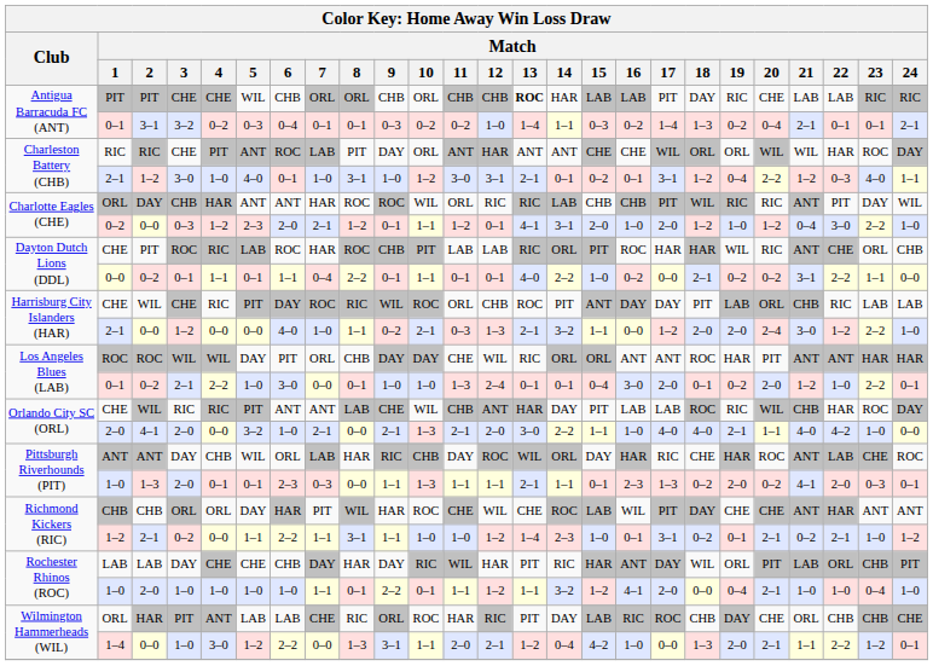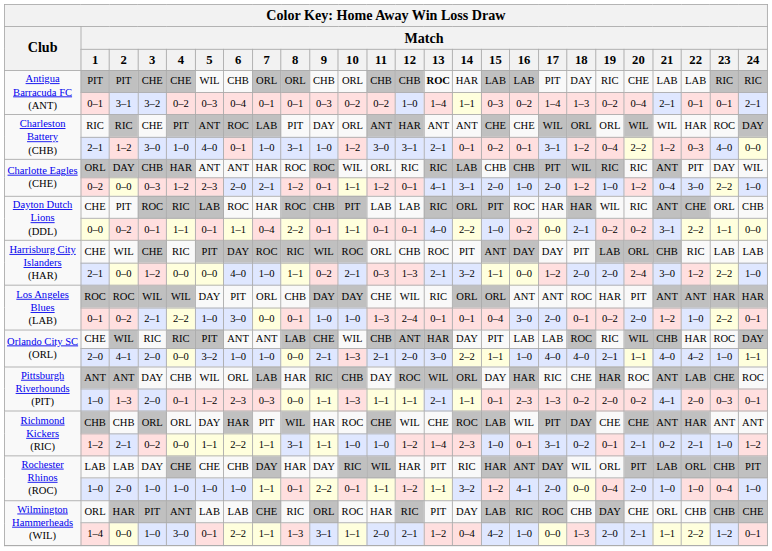 <table class="wikitable" style="text-align:center;width=100%">
 <tr>
 <th colspan="30">Color Key: <span>Home</span>  <span>Away</span>  <span>Win</span>  <span>Loss</span>  <span>Draw</span> </th>
 </tr>
 <tr>
 <th width="10%" rowspan="2">Club</th>
 <th width="90%" colspan="24">Match</th>
 </tr>
 <tr style="background-color:#CCCCCC; font-size: 90%">
 <th width="3.75%">1</th>
 <th width="3.75%">2</th>
 <th width="3.75%">3</th>
 <th width="3.75%">4</th>
 <th width="3.75%">5</th>
 <th width="3.75%">6</th>
 <th width="3.75%">7</th>
 <th width="3.75%">8</th>
 <th width="3.75%">9</th>
 <th width="3.75%">10</th>
 <th width="3.75%">11</th>
 <th width="3.75%">12</th>
 <th width="3.75%">13</th>
 <th width="3.75%">14</th>
 <th width="3.75%">15</th>
 <th width="3.75%">16</th>
 <th width="3.75%">17</th>
 <th width="3.75%">18</th>
 <th width="3.75%">19</th>
 <th width="3.75%">20</th>
 <th width="3.75%">21</th>
 <th width="3.75%">22</th>
 <th width="3.75%">23</th>
 <th width="3.75%">24<br></th>
 </tr>
 <tr style="font-size: 75%">
 <td rowspan="2"><a href='#'>Antigua Barracuda FC</a><br>(ANT)</td>
 <td bgcolor=#C0C0C0>PIT</td>
 <td bgcolor=#C0C0C0>PIT</td>
 <td bgcolor=#C0C0C0>CHE</td>
 <td bgcolor=#C0C0C0>CHE</td>
 <td>WIL</td>
 <td>CHB</td>
 <td bgcolor=#C0C0C0>ORL</td>
 <td bgcolor=#C0C0C0>ORL</td>
 <td>CHB</td>
 <td>ORL</td>
 <td bgcolor=#C0C0C0>CHB</td>
 <td bgcolor=#C0C0C0>CHB</td>
 <td><strong>ROC</strong></td>
 <td>HAR</td>
 <td bgcolor=#C0C0C0>LAB</td>
 <td bgcolor=#C0C0C0>LAB</td>
 <td>PIT</td>
 <td>DAY</td>
 <td>RIC</td>
 <td>CHE</td>
 <td>LAB</td>
 <td>LAB</td>
 <td bgcolor=#C0C0C0>RIC</td>
 <td bgcolor=#C0C0C0>RIC</td>
 </tr>
 <tr style="font-size: 75%">
 <td bgcolor=#FFDFDF>0–1</td>
 <td bgcolor=#DFE7FF>3–1</td>
 <td bgcolor=#DFE7FF>3–2</td>
 <td bgcolor=#FFDFDF>0–2</td>
 <td bgcolor=#FFDFDF>0–3</td>
 <td bgcolor=#FFDFDF>0–4</td>
 <td bgcolor=#FFDFDF>0–1</td>
 <td bgcolor=#FFDFDF>0–1</td>
 <td bgcolor=#FFDFDF>0–3</td>
 <td bgcolor=#FFDFDF>0–2</td>
 <td bgcolor=#FFDFDF>0–2</td>
 <td bgcolor=#DFE7FF>1–0</td>
 <td bgcolor=#FFDFDF>1–4</td>
 <td bgcolor=#FFFFDD>1–1</td>
 <td bgcolor=#FFDFDF>0–3</td>
 <td bgcolor=#FFDFDF>0–2</td>
 <td bgcolor=#FFDFDF>1–4</td>
 <td bgcolor=#FFDFDF>1–3</td>
 <td bgcolor=#FFDFDF>0–2</td>
 <td bgcolor=#FFDFDF>0–4</td>
 <td bgcolor=#DFE7FF>2–1</td>
 <td bgcolor=#FFDFDF>0–1</td>
 <td bgcolor=#FFDFDF>0–1</td>
 <td bgcolor=#DFE7FF>2–1</td>
 </tr>
 <tr style="font-size: 75%">
 <td rowspan="2"><a href='#'>Charleston Battery</a><br>(CHB)</td>
 <td>RIC</td>
 <td bgcolor=#C0C0C0>RIC</td>
 <td>CHE</td>
 <td bgcolor=#C0C0C0>PIT</td>
 <td bgcolor=#C0C0C0>ANT</td>
 <td bgcolor=#C0C0C0>ROC</td>
 <td bgcolor=#C0C0C0>LAB</td>
 <td>PIT</td>
 <td>DAY</td>
 <td>ORL</td>
 <td bgcolor=#C0C0C0>ANT</td>
 <td bgcolor=#C0C0C0>HAR</td>
 <td>ANT</td>
 <td>ANT</td>
 <td bgcolor=#C0C0C0>CHE</td>
 <td>CHE</td>
 <td bgcolor=#C0C0C0>WIL</td>
 <td bgcolor=#C0C0C0>ORL</td>
 <td>ORL</td>
 <td bgcolor=#C0C0C0>WIL</td>
 <td>WIL</td>
 <td>HAR</td>
 <td>ROC</td>
 <td bgcolor=#C0C0C0>DAY</td>
 </tr>
 <tr style="font-size: 75%">
 <td bgcolor=#DFE7FF>2–1</td>
 <td bgcolor=#FFDFDF>1–2</td>
 <td bgcolor=#DFE7FF>3–0</td>
 <td bgcolor=#DFE7FF>1–0</td>
 <td bgcolor=#DFE7FF>4–0</td>
 <td bgcolor=#FFDFDF>0–1</td>
 <td bgcolor=#DFE7FF>1–0</td>
 <td bgcolor=#DFE7FF>3–1</td>
 <td bgcolor=#DFE7FF>1–0</td>
 <td bgcolor=#FFDFDF>1–2</td>
 <td bgcolor=#DFE7FF>3–0</td>
 <td bgcolor=#DFE7FF>3–1</td>
 <td bgcolor=#DFE7FF>2–1</td>
 <td bgcolor=#FFDFDF>0–1</td>
 <td bgcolor=#FFDFDF>0–2</td>
 <td bgcolor=#FFDFDF>0–1</td>
 <td bgcolor=#DFE7FF>3–1</td>
 <td bgcolor=#FFDFDF>1–2</td>
 <td bgcolor=#FFDFDF>0–4</td>
 <td bgcolor=#FFFFDD>2–2</td>
 <td bgcolor=#FFDFDF>1–2</td>
 <td bgcolor=#FFDFDF>0–3</td>
 <td bgcolor=#DFE7FF>4–0</td>
-<td bgcolor=#FFFFDD>1–1</td>
+<td bgcolor=#FFFFDD>0–0</td>
 </tr>
 <tr style="font-size: 75%">
 <td rowspan="2"><a href='#'>Charlotte Eagles</a><br>(CHE)</td>
 <td bgcolor=#C0C0C0>ORL</td>
 <td bgcolor=#C0C0C0>DAY</td>
 <td bgcolor=#C0C0C0>CHB</td>
 <td bgcolor=#C0C0C0>HAR</td>
 <td>ANT</td>
 <td>ANT</td>
 <td>HAR</td>
 <td>ROC</td>
 <td bgcolor=#C0C0C0>ROC</td>
 <td>WIL</td>
 <td>ORL</td>
 <td>RIC</td>
 <td bgcolor=#C0C0C0>RIC</td>
 <td bgcolor=#C0C0C0>LAB</td>
 <td>CHB</td>
 <td bgcolor=#C0C0C0>CHB</td>
 <td bgcolor=#C0C0C0>PIT</td>
 <td bgcolor=#C0C0C0>WIL</td>
 <td bgcolor=#C0C0C0>RIC</td>
 <td>RIC</td>
 <td bgcolor=#C0C0C0>ANT</td>
 <td>PIT</td>
 <td>DAY</td>
 <td>WIL</td>
 </tr>
 <tr style="font-size: 75%">
 <td bgcolor=#FFDFDF>0–2</td>
 <td bgcolor=#FFFFDD>0–0</td>
 <td bgcolor=#FFDFDF>0–3</td>
 <td bgcolor=#FFDFDF>1–2</td>
 <td bgcolor=#FFDFDF>2–3</td>
 <td bgcolor=#DFE7FF>2–0</td>
 <td bgcolor=#DFE7FF>2–1</td>
 <td bgcolor=#FFDFDF>1–2</td>
 <td bgcolor=#FFDFDF>0–1</td>
 <td bgcolor=#FFFFDD>1–1</td>
 <td bgcolor=#FFDFDF>1–2</td>
 <td bgcolor=#FFDFDF>0–1</td>
 <td bgcolor=#DFE7FF>4–1</td>
 <td bgcolor=#DFE7FF>3–1</td>
 <td bgcolor=#DFE7FF>2–0</td>
 <td bgcolor=#DFE7FF>1–0</td>
 <td bgcolor=#DFE7FF>2–0</td>
 <td bgcolor=#FFDFDF>1–2</td>
 <td bgcolor=#DFE7FF>1–0</td>
 <td bgcolor=#FFDFDF>1–2</td>
 <td bgcolor=#DFE7FF>0–4</td>
 <td bgcolor=#DFE7FF>3–0</td>
 <td bgcolor=#FFFFDD>2–2</td>
 <td bgcolor=#DFE7FF>1–0</td>
 </tr>
 <tr style="font-size: 75%">
 <td rowspan="2"><a href='#'>Dayton Dutch Lions</a><br>(DDL)</td>
 <td>CHE</td>
 <td>PIT</td>
 <td bgcolor=#C0C0C0>ROC</td>
 <td bgcolor=#C0C0C0>RIC</td>
 <td bgcolor=#C0C0C0>LAB</td>
 <td>ROC</td>
 <td>HAR</td>
 <td bgcolor=#C0C0C0>ROC</td>
 <td bgcolor=#C0C0C0>CHB</td>
 <td bgcolor=#C0C0C0>PIT</td>
 <td>LAB</td>
 <td>LAB</td>
 <td bgcolor=#C0C0C0>RIC</td>
 <td bgcolor=#C0C0C0>ORL</td>
 <td bgcolor=#C0C0C0>PIT</td>
 <td>ROC</td>
 <td>HAR</td>
 <td bgcolor=#C0C0C0>HAR</td>
 <td>WIL</td>
 <td>RIC</td>
 <td bgcolor=#C0C0C0>ANT</td>
 <td bgcolor=#C0C0C0>CHE</td>
 <td>ORL</td>
 <td>CHB</td>
 </tr>
 <tr style="font-size: 75%">
 <td bgcolor=#FFFFDD>0–0</td>
 <td bgcolor=#FFDFDF>0–2</td>
 <td bgcolor=#FFDFDF>0–1</td>
 <td bgcolor=#FFFFDD>1–1</td>
 <td bgcolor=#FFDFDF>0–1</td>
 <td bgcolor=#FFFFDD>1–1</td>
 <td bgcolor=#FFDFDF>0–4</td>
 <td bgcolor=#FFFFDD>2–2</td>
 <td bgcolor=#FFDFDF>0–1</td>
 <td bgcolor=#FFFFDD>1–1</td>
 <td bgcolor=#FFDFDF>0–1</td>
 <td bgcolor=#FFDFDF>0–1</td>
 <td bgcolor=#DFE7FF>4–0</td>
 <td bgcolor=#FFFFDD>2–2</td>
 <td bgcolor=#DFE7FF>1–0</td>
 <td bgcolor=#FFDFDF>0–2</td>
 <td bgcolor=#FFFFDD>0–0</td>
 <td bgcolor=#DFE7FF>2–1</td>
 <td bgcolor=#FFDFDF>0–2</td>
 <td bgcolor=#FFDFDF>0–2</td>
 <td bgcolor=#DFE7FF>3–1</td>
 <td bgcolor=#FFFFDD>2–2</td>
 <td bgcolor=#FFFFDD>1–1</td>
 <td bgcolor=#FFFFDD>0–0</td>
 </tr>
 <tr style="font-size: 75%">
 <td rowspan="2"><a href='#'>Harrisburg City Islanders</a><br>(HAR)</td>
 <td>CHE</td>
 <td>WIL</td>
 <td bgcolor=#C0C0C0>CHE</td>
 <td>RIC</td>
 <td bgcolor=#C0C0C0>PIT</td>
 <td bgcolor=#C0C0C0>DAY</td>
 <td bgcolor=#C0C0C0>ROC</td>
 <td bgcolor=#C0C0C0>RIC</td>
 <td bgcolor=#C0C0C0>WIL</td>
 <td bgcolor=#C0C0C0>ROC</td>
 <td>ORL</td>
 <td>CHB</td>
 <td>ROC</td>
 <td>PIT</td>
 <td bgcolor=#C0C0C0>ANT</td>
 <td bgcolor=#C0C0C0>DAY</td>
 <td>DAY</td>
 <td>PIT</td>
 <td bgcolor=#C0C0C0>LAB</td>
 <td bgcolor=#C0C0C0>ORL</td>
 <td bgcolor=#C0C0C0>CHB</td>
 <td>RIC</td>
 <td>LAB</td>
 <td>LAB</td>
 </tr>
 <tr style="font-size: 75%">
 <td bgcolor=#DFE7FF>2–1</td>
 <td bgcolor=#FFFFDD>0–0</td>
 <td bgcolor=#FFDFDF>1–2</td>
 <td bgcolor=#FFFFDD>0–0</td>
 <td bgcolor=#FFFFDD>0–0</td>
 <td bgcolor=#DFE7FF>4–0</td>
 <td bgcolor=#DFE7FF>1–0</td>
 <td bgcolor=#FFFFDD>1–1</td>
 <td bgcolor=#FFDFDF>0–2</td>
 <td bgcolor=#DFE7FF>2–1</td>
 <td bgcolor=#FFDFDF>0–3</td>
 <td bgcolor=#FFDFDF>1–3</td>
 <td bgcolor=#DFE7FF>2–1</td>
 <td bgcolor=#DFE7FF>3–2</td>
 <td bgcolor=#FFFFDD>1–1</td>
 <td bgcolor=#FFFFDD>0–0</td>
 <td bgcolor=#FFDFDF>1–2</td>
 <td bgcolor=#DFE7FF>2–0</td>
 <td bgcolor=#DFE7FF>2–0</td>
 <td bgcolor=#FFDFDF>2–4</td>
 <td bgcolor=#DFE7FF>3–0</td>
 <td bgcolor=#FFDFDF>1–2</td>
 <td bgcolor=#FFFFDD>2–2</td>
 <td bgcolor=#DFE7FF>1–0</td>
 </tr>
 <tr style="font-size: 75%">
 <td rowspan="2"><a href='#'>Los Angeles Blues</a><br>(LAB)</td>
 <td bgcolor=#C0C0C0>ROC</td>
 <td bgcolor=#C0C0C0>ROC</td>
 <td bgcolor=#C0C0C0>WIL</td>
 <td bgcolor=#C0C0C0>WIL</td>
 <td>DAY</td>
 <td>PIT</td>
 <td>ORL</td>
 <td>CHB</td>
 <td bgcolor=#C0C0C0>DAY</td>
 <td bgcolor=#C0C0C0>DAY</td>
 <td>CHE</td>
 <td>WIL</td>
 <td>RIC</td>
 <td bgcolor=#C0C0C0>ORL</td>
 <td bgcolor=#C0C0C0>ORL</td>
 <td>ANT</td>
 <td>ANT</td>
 <td>ROC</td>
 <td>HAR</td>
 <td>PIT</td>
 <td bgcolor=#C0C0C0>ANT</td>
 <td bgcolor=#C0C0C0>ANT</td>
 <td bgcolor=#C0C0C0>HAR</td>
 <td bgcolor=#C0C0C0>HAR</td>
 </tr>
 <tr style="font-size: 75%">
 <td bgcolor=#FFDFDF>0–1</td>
 <td bgcolor=#FFDFDF>0–2</td>
 <td bgcolor=#DFE7FF>2–1</td>
 <td bgcolor=#FFFFDD>2–2</td>
 <td bgcolor=#DFE7FF>1–0</td>
 <td bgcolor=#DFE7FF>3–0</td>
 <td bgcolor=#FFFFDD>0–0</td>
 <td bgcolor=#FFDFDF>0–1</td>
 <td bgcolor=#DFE7FF>1–0</td>
 <td bgcolor=#DFE7FF>1–0</td>
 <td bgcolor=#FFDFDF>1–3</td>
 <td bgcolor=#FFDFDF>2–4</td>
 <td bgcolor=#FFDFDF>0–1</td>
 <td bgcolor=#FFDFDF>0–1</td>
 <td bgcolor=#FFDFDF>0–4</td>
 <td bgcolor=#DFE7FF>3–0</td>
 <td bgcolor=#DFE7FF>2–0</td>
 <td bgcolor=#FFDFDF>0–1</td>
 <td bgcolor=#FFDFDF>0–2</td>
 <td bgcolor=#DFE7FF>2–0</td>
 <td bgcolor=#FFDFDF>1–2</td>
 <td bgcolor=#DFE7FF>1–0</td>
 <td bgcolor=#FFFFDD>2–2</td>
 <td bgcolor=#FFDFDF>0–1</td>
 </tr>
 <tr style="font-size: 75%">
 <td rowspan="2"><a href='#'>Orlando City SC</a><br>(ORL)</td>
 <td>CHE</td>
 <td bgcolor=#C0C0C0>WIL</td>
 <td>RIC</td>
 <td bgcolor=#C0C0C0>RIC</td>
 <td bgcolor=#C0C0C0>PIT</td>
 <td>ANT</td>
 <td>ANT</td>
 <td bgcolor=#C0C0C0>LAB</td>
 <td bgcolor=#C0C0C0>CHE</td>
 <td>WIL</td>
 <td bgcolor=#C0C0C0>CHB</td>
 <td bgcolor=#C0C0C0>ANT</td>
 <td bgcolor=#C0C0C0>HAR</td>
 <td>DAY</td>
 <td>PIT</td>
 <td>LAB</td>
 <td>LAB</td>
 <td bgcolor=#C0C0C0>ROC</td>
 <td>RIC</td>
 <td bgcolor=#C0C0C0>WIL</td>
 <td bgcolor=#C0C0C0>CHB</td>
 <td>HAR</td>
 <td>ROC</td>
 <td bgcolor=#C0C0C0>DAY</td>
 </tr>
 <tr style="font-size: 75%">
 <td bgcolor=#DFE7FF>2–0</td>
 <td bgcolor=#DFE7FF>4–1</td>
 <td bgcolor=#DFE7FF>2–0</td>
 <td bgcolor=#FFFFDD>0–0</td>
 <td bgcolor=#DFE7FF>3–2</td>
 <td bgcolor=#DFE7FF>1–0</td>
-<td bgcolor=#DFE7FF>2–1</td>
+<td bgcolor=#DFE7FF>1–0</td>
 <td bgcolor=#FFFFDD>0–0</td>
 <td bgcolor=#DFE7FF>2–1</td>
 <td bgcolor=#FFDFDF>1–3</td>
 <td bgcolor=#DFE7FF>2–1</td>
 <td bgcolor=#DFE7FF>2–0</td>
 <td bgcolor=#DFE7FF>3–0</td>
 <td bgcolor=#FFFFDD>2–2</td>
 <td bgcolor=#FFFFDD>1–1</td>
 <td bgcolor=#DFE7FF>1–0</td>
 <td bgcolor=#DFE7FF>4–0</td>
 <td bgcolor=#DFE7FF>4–0</td>
 <td bgcolor=#DFE7FF>2–1</td>
 <td bgcolor=#FFFFDD>1–1</td>
 <td bgcolor=#DFE7FF>4–0</td>
 <td bgcolor=#DFE7FF>4–2</td>
 <td bgcolor=#DFE7FF>1–0</td>
-<td bgcolor=#FFFFDD>0–0</td>
+<td bgcolor=#FFFFDD>1–1</td>
 </tr>
 <tr style="font-size: 75%">
 <td rowspan="2"><a href='#'>Pittsburgh Riverhounds</a><br>(PIT)</td>
 <td bgcolor=#C0C0C0>ANT</td>
 <td bgcolor=#C0C0C0>ANT</td>
 <td>DAY</td>
 <td>CHB</td>
 <td>WIL</td>
 <td>ORL</td>
 <td bgcolor=#C0C0C0>LAB</td>
 <td>HAR</td>
 <td bgcolor=#C0C0C0>RIC</td>
 <td bgcolor=#C0C0C0>CHB</td>
 <td>DAY</td>
 <td bgcolor=#C0C0C0>ROC</td>
 <td bgcolor=#C0C0C0>WIL</td>
 <td bgcolor=#C0C0C0>ORL</td>
 <td>DAY</td>
 <td bgcolor=#C0C0C0>HAR</td>
 <td>RIC</td>
 <td>CHE</td>
 <td bgcolor=#C0C0C0>HAR</td>
 <td>ROC</td>
 <td bgcolor=#C0C0C0>ANT</td>
 <td bgcolor=#C0C0C0>LAB</td>
 <td bgcolor=#C0C0C0>CHE</td>
 <td>ROC</td>
 </tr>
 <tr style="font-size: 75%">
 <td bgcolor=#DFE7FF>1–0</td>
 <td bgcolor=#FFDFDF>1–3</td>
 <td bgcolor=#DFE7FF>2–0</td>
 <td bgcolor=#FFDFDF>0–1</td>
-<td bgcolor=#FFDFDF>0–1</td>
+<td bgcolor=#FFDFDF>1–2</td>
 <td bgcolor=#FFDFDF>2–3</td>
 <td bgcolor=#FFDFDF>0–3</td>
 <td bgcolor=#FFFFDD>0–0</td>
 <td bgcolor=#FFFFDD>1–1</td>
 <td bgcolor=#FFDFDF>1–3</td>
 <td bgcolor=#FFFFDD>1–1</td>
 <td bgcolor=#FFFFDD>1–1</td>
 <td bgcolor=#DFE7FF>2–1</td>
 <td bgcolor=#FFFFDD>1–1</td>
 <td bgcolor=#FFDFDF>0–1</td>
 <td bgcolor=#FFDFDF>2–3</td>
 <td bgcolor=#FFDFDF>1–3</td>
 <td bgcolor=#FFDFDF>0–2</td>
 <td bgcolor=#FFDFDF>2–0</td>
 <td bgcolor=#FFDFDF>0–2</td>
 <td bgcolor=#DFE7FF>4–1</td>
 <td bgcolor=#FFDFDF>2–0</td>
 <td bgcolor=#FFDFDF>0–3</td>
 <td bgcolor=#FFDFDF>0–1</td>
 </tr>
 <tr style="font-size: 75%">
 <td rowspan="2"><a href='#'>Richmond Kickers</a><br>(RIC)</td>
 <td bgcolor=#C0C0C0>CHB</td>
 <td>CHB</td>
 <td bgcolor=#C0C0C0>ORL</td>
 <td>ORL</td>
 <td>DAY</td>
 <td bgcolor=#C0C0C0>HAR</td>
 <td>PIT</td>
 <td bgcolor=#C0C0C0>WIL</td>
 <td>HAR</td>
 <td>ROC</td>
 <td bgcolor=#C0C0C0>CHE</td>
 <td>WIL</td>
 <td>CHE</td>
 <td bgcolor=#C0C0C0>ROC</td>
 <td bgcolor=#C0C0C0>LAB</td>
 <td>WIL</td>
 <td bgcolor=#C0C0C0>PIT</td>
 <td bgcolor=#C0C0C0>DAY</td>
 <td>CHE</td>
 <td bgcolor=#C0C0C0>CHE</td>
 <td bgcolor=#C0C0C0>ANT</td>
 <td bgcolor=#C0C0C0>HAR</td>
 <td>ANT</td>
 <td>ANT</td>
 </tr>
 <tr style="font-size: 75%">
 <td bgcolor=#FFDFDF>1–2</td>
 <td bgcolor=#DFE7FF>2–1</td>
 <td bgcolor=#FFDFDF>0–2</td>
 <td bgcolor=#FFFFDD>0–0</td>
 <td bgcolor=#FFFFDD>1–1</td>
 <td bgcolor=#FFFFDD>2–2</td>
 <td bgcolor=#FFFFDD>1–1</td>
 <td bgcolor=#DFE7FF>3–1</td>
 <td bgcolor=#FFFFDD>1–1</td>
 <td bgcolor=#DFE7FF>1–0</td>
 <td bgcolor=#DFE7FF>1–0</td>
 <td bgcolor=#FFDFDF>1–2</td>
 <td bgcolor=#FFDFDF>1–4</td>
 <td bgcolor=#FFDFDF>2–3</td>
 <td bgcolor=#DFE7FF>1–0</td>
 <td bgcolor=#FFDFDF>0–1</td>
 <td bgcolor=#DFE7FF>3–1</td>
 <td bgcolor=#DFE7FF>0–2</td>
 <td bgcolor=#FFDFDF>0–1</td>
 <td bgcolor=#DFE7FF>2–1</td>
 <td bgcolor=#DFE7FF>0–2</td>
 <td bgcolor=#DFE7FF>2–1</td>
 <td bgcolor=#DFE7FF>1–0</td>
 <td bgcolor=#FFDFDF>1–2</td>
 </tr>
 <tr style="font-size: 75%">
 <td rowspan="2"><a href='#'>Rochester Rhinos</a><br>(ROC)</td>
 <td>LAB</td>
 <td>LAB</td>
 <td>DAY</td>
 <td bgcolor=#C0C0C0>CHE</td>
 <td>CHE</td>
 <td>CHB</td>
 <td bgcolor=#C0C0C0>DAY</td>
 <td>HAR</td>
 <td>DAY</td>
 <td bgcolor=#C0C0C0>RIC</td>
 <td bgcolor=#C0C0C0>WIL</td>
 <td>HAR</td>
 <td>PIT</td>
 <td>RIC</td>
 <td bgcolor=#C0C0C0>HAR</td>
 <td bgcolor=#C0C0C0>ANT</td>
 <td bgcolor=#C0C0C0>DAY</td>
 <td>WIL</td>
 <td>ORL</td>
 <td bgcolor=#C0C0C0>PIT</td>
 <td bgcolor=#C0C0C0>LAB</td>
 <td bgcolor=#C0C0C0>ORL</td>
 <td bgcolor=#C0C0C0>CHB</td>
 <td bgcolor=#C0C0C0>PIT</td>
 </tr>
 <tr style="font-size: 75%">
 <td bgcolor=#DFE7FF>1–0</td>
 <td bgcolor=#DFE7FF>2–0</td>
 <td bgcolor=#DFE7FF>1–0</td>
 <td bgcolor=#DFE7FF>1–0</td>
 <td bgcolor=#DFE7FF>1–0</td>
 <td bgcolor=#DFE7FF>1–0</td>
 <td bgcolor=#FFFFDD>1–1</td>
 <td bgcolor=#FFDFDF>0–1</td>
 <td bgcolor=#FFFFDD>2–2</td>
 <td bgcolor=#FFDFDF>0–1</td>
 <td bgcolor=#FFFFDD>1–1</td>
 <td bgcolor=#FFDFDF>1–2</td>
 <td bgcolor=#FFFFDD>1–1</td>
 <td bgcolor=#DFE7FF>3–2</td>
 <td bgcolor=#FFDFDF>1–2</td>
 <td bgcolor=#DFE7FF>4–1</td>
 <td bgcolor=#DFE7FF>2–0</td>
 <td bgcolor=#FFFFDD>0–0</td>
 <td bgcolor=#FFDFDF>0–4</td>
-<td bgcolor=#DFE7FF>2–1</td>
+<td bgcolor=#DFE7FF>2–0</td>
 <td bgcolor=#DFE7FF>1–0</td>
 <td bgcolor=#FFDFDF>1–0</td>
 <td bgcolor=#FFDFDF>0–4</td>
 <td bgcolor=#DFE7FF>1–0</td>
 </tr>
 <tr style="font-size: 75%">
 <td rowspan="2"><a href='#'>Wilmington Hammerheads</a><br>(WIL)</td>
 <td>ORL</td>
 <td bgcolor=#C0C0C0>HAR</td>
 <td bgcolor=#C0C0C0>PIT</td>
 <td bgcolor=#C0C0C0>ANT</td>
 <td>LAB</td>
 <td>LAB</td>
 <td bgcolor=#C0C0C0>CHE</td>
 <td>RIC</td>
 <td bgcolor=#C0C0C0>ORL</td>
 <td>ROC</td>
 <td>HAR</td>
 <td bgcolor=#C0C0C0>RIC</td>
 <td>PIT</td>
 <td>DAY</td>
 <td bgcolor=#C0C0C0>LAB</td>
 <td bgcolor=#C0C0C0>RIC</td>
 <td bgcolor=#C0C0C0>ROC</td>
 <td>CHB</td>
 <td bgcolor=#C0C0C0>DAY</td>
 <td>CHE</td>
 <td>ORL</td>
 <td>CHB</td>
 <td bgcolor=#C0C0C0>CHB</td>
 <td bgcolor=#C0C0C0>CHE</td>
 </tr>
 <tr style="font-size: 75%">
 <td bgcolor=#FFDFDF>1–4</td>
 <td bgcolor=#FFFFDD>0–0</td>
 <td bgcolor=#DFE7FF>1–0</td>
 <td bgcolor=#DFE7FF>3–0</td>
-<td bgcolor=#FFDFDF>1–2</td>
+<td bgcolor=#FFDFDF>0–1</td>
 <td bgcolor=#FFFFDD>2–2</td>
-<td bgcolor=#FFFFDD>0–0</td>
+<td bgcolor=#FFFFDD>1–1</td>
 <td bgcolor=#FFDFDF>1–3</td>
 <td bgcolor=#DFE7FF>3–1</td>
 <td bgcolor=#FFFFDD>1–1</td>
 <td bgcolor=#DFE7FF>2–0</td>
 <td bgcolor=#DFE7FF>2–1</td>
 <td bgcolor=#FFDFDF>1–2</td>
 <td bgcolor=#FFDFDF>0–4</td>
 <td bgcolor=#DFE7FF>4–2</td>
 <td bgcolor=#DFE7FF>1–0</td>
 <td bgcolor=#FFFFDD>0–0</td>
 <td bgcolor=#FFDFDF>1–3</td>
 <td bgcolor=#DFE7FF>2–0</td>
 <td bgcolor=#DFE7FF>2–1</td>
 <td bgcolor=#FFFFDD>1–1</td>
 <td bgcolor=#FFFFDD>2–2</td>
 <td bgcolor=#DFE7FF>1–2</td>
 <td bgcolor=#FFDFDF>0–1</td>
 </tr>
 <tr style="font-size: 75%">
 </tr>
 </table>
